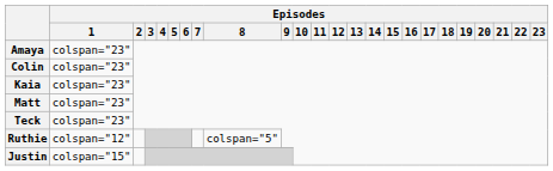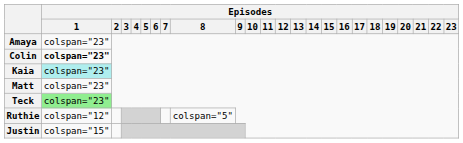 <table class="wikitable" style="text-align:center; width:40%;">
 <tr>
 <th scope="col" rowspan="2" style="width:18%;"></th>
 <th scope="colgroup" colspan="23">Episodes</th>
 </tr>
 <tr>
 <th scope="col" style="width:8%;">1</th>
 <th scope="col" style="width:8%;">2</th>
 <th scope="col" style="width:8%;">3</th>
 <th scope="col" style="width:8%;">4</th>
 <th scope="col" style="width:8%;">5</th>
 <th scope="col" style="width:8%;">6</th>
 <th scope="col" style="width:8%;">7</th>
 <th scope="col" style="width:8%;">8</th>
 <th scope="col" style="width:8%;">9</th>
 <th scope="col" style="width:8%;">10</th>
 <th scope="col" style="width:8%;">11</th>
 <th scope="col" style="width:8%;">12</th>
 <th scope="col" style="width:8%;">13</th>
 <th scope="col" style="width:8%;">14</th>
 <th scope="col" style="width:8%;">15</th>
 <th scope="col" style="width:8%;">16</th>
 <th scope="col" style="width:8%;">17</th>
 <th scope="col" style="width:8%;">18</th>
 <th scope="col" style="width:8%;">19</th>
 <th scope="col" style="width:8%;">20</th>
 <th scope="col" style="width:8%;">21</th>
 <th scope="col" style="width:8%;">22</th>
 <th scope="col" style="width:8%;">23</th>
 </tr>
 <tr>
 <th scope="row">Amaya</th>
 <td>colspan="23" </td>
 </tr>
 <tr>
 <th scope="row">Colin</th>
-<td>colspan="23" </td>
+<td><strong>colspan="23" </strong></td>
 </tr>
 <tr>
 <th scope="row">Kaia</th>
-<td>colspan="23" </td>
+<td style="background: paleturquoise;">colspan="23" </td>
 </tr>
 <tr>
 <th scope="row">Matt</th>
 <td>colspan="23" </td>
 </tr>
 <tr>
 <th scope="row">Teck</th>
-<td>colspan="23" </td>
+<td style="background: lightgreen;">colspan="23" </td>
 </tr>
 <tr>
 <th scope="row">Ruthie</th>
 <td>colspan="12" </td>
 <td></td>
 <td colspan="4" style="background:lightgrey;"></td>
 <td></td>
 <td>colspan="5" </td>
 </tr>
 <tr>
 <th scope="row">Justin</th>
 <td>colspan="15" </td>
 <td></td>
 <td colspan="7" style="background:lightgrey;"></td>
 </tr>
 </table>
